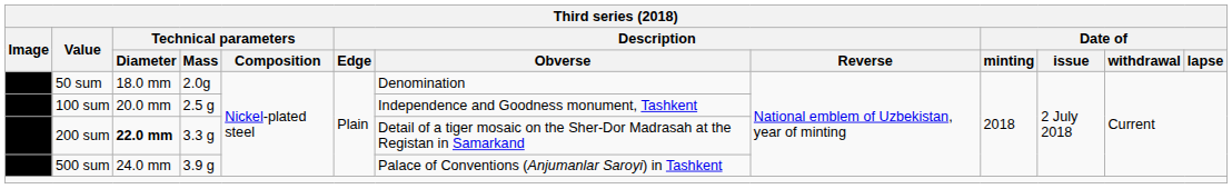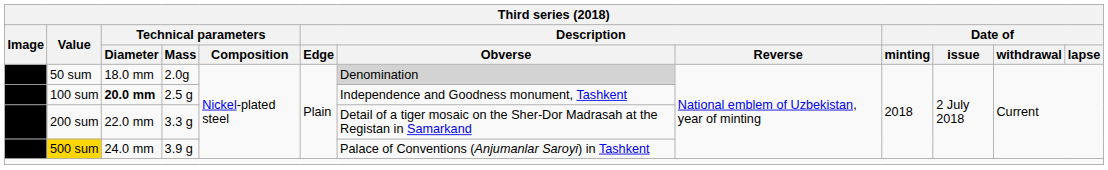 <table class="wikitable" style="font-size: 90%">
 <tr>
 <th colspan="13">Third series (2018)</th>
 </tr>
 <tr>
 <th rowspan="2">Image</th>
 <th rowspan="2">Value</th>
 <th colspan="3">Technical parameters</th>
 <th colspan="3">Description</th>
 <th colspan="4">Date of</th>
 </tr>
 <tr>
 <th>Diameter</th>
 <th>Mass</th>
 <th>Composition</th>
 <th>Edge</th>
 <th>Obverse</th>
 <th>Reverse</th>
 <th>minting</th>
 <th>issue</th>
 <th>withdrawal</th>
 <th>lapse</th>
 </tr>
 <tr>
 <td align="center" bgcolor="#000000"></td>
 <td>50 sum</td>
 <td>18.0 mm</td>
 <td>2.0g</td>
 <td rowspan="4"><a href='#'>Nickel</a>-plated steel</td>
 <td rowspan="4">Plain</td>
-<td>Denomination</td>
+<td style="background: lightgrey;">Denomination</td>
 <td rowspan="4"><a href='#'>National emblem of Uzbekistan</a>, year of minting</td>
 <td rowspan="4">2018</td>
 <td rowspan="4">2 July 2018</td>
 <td rowspan="4" colspan="2">Current</td>
 </tr>
 <tr>
 <td align="center" bgcolor="#000000"></td>
 <td>100 sum</td>
-<td>20.0 mm</td>
+<td><strong>20.0 mm</strong></td>
 <td>2.5 g</td>
 <td>Independence and Goodness monument, <a href='#'>Tashkent</a></td>
 </tr>
 <tr>
 <td align="center" bgcolor="#000000"></td>
 <td>200 sum</td>
-<td><strong>22.0 mm</strong></td>
+<td>22.0 mm</td>
 <td>3.3 g</td>
 <td>Detail of a tiger mosaiс on the Sher-Dor Madrasah at the Registan in <a href='#'>Samarkand</a></td>
 </tr>
 <tr>
 <td align="center" bgcolor="#000000"></td>
-<td>500 sum</td>
+<td style="background: gold;">500 sum</td>
 <td>24.0 mm</td>
 <td>3.9 g</td>
 <td>Palace of Conventions (<em>Anjumanlar Saroyi</em>) in <a href='#'>Tashkent</a></td>
 </tr>
 <tr>
 <td colspan="16"></td>
 </tr>
 </table>
